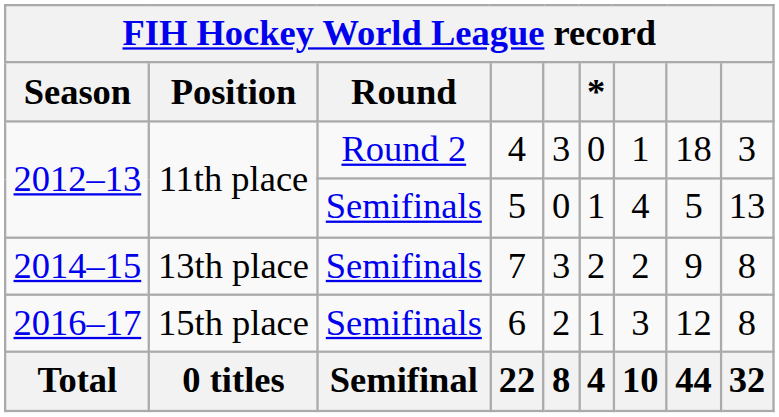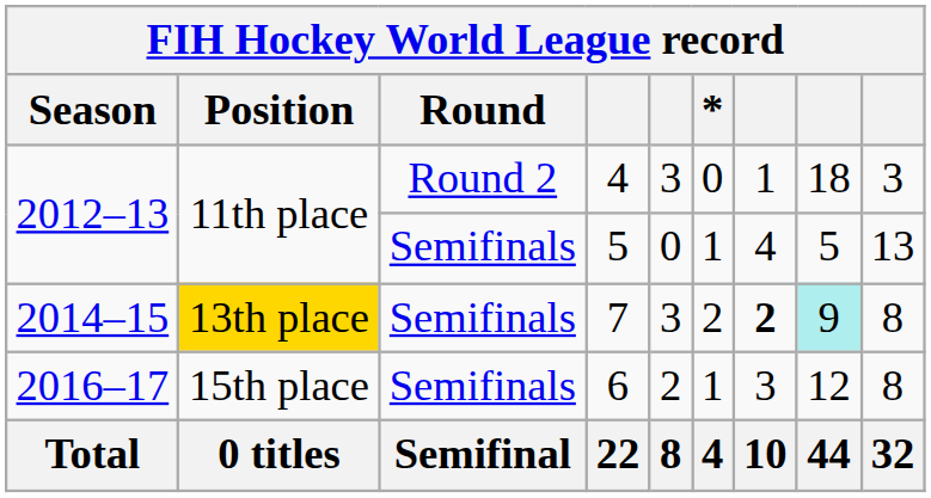 <table class="wikitable" style="text-align: center;">
 <tr>
 <th colspan=9><a href='#'>FIH Hockey World League</a> record</th>
 </tr>
 <tr>
 <th>Season</th>
 <th>Position</th>
 <th>Round</th>
 <th></th>
 <th></th>
 <th>*</th>
 <th></th>
 <th></th>
 <th></th>
 </tr>
 <tr>
 <td rowspan=2><a href='#'>2012–13</a></td>
 <td rowspan=2>11th place</td>
 <td><a href='#'>Round 2</a></td>
 <td>4</td>
 <td>3</td>
 <td>0</td>
 <td>1</td>
 <td>18</td>
 <td>3</td>
 </tr>
 <tr>
 <td><a href='#'>Semifinals</a></td>
 <td>5</td>
 <td>0</td>
 <td>1</td>
 <td>4</td>
 <td>5</td>
 <td>13</td>
 </tr>
 <tr>
 <td rowspan=1><a href='#'>2014–15</a></td>
-<td rowspan=1>13th place</td>
+<td rowspan=1 style="background: gold;">13th place</td>
 <td><a href='#'>Semifinals</a></td>
 <td>7</td>
 <td>3</td>
 <td>2</td>
-<td>2</td>
-<td>9</td>
+<td><strong>2</strong></td>
+<td style="background: paleturquoise;">9</td>
 <td>8</td>
 </tr>
 <tr>
 <td rowspan=1><a href='#'>2016–17</a></td>
 <td rowspan=1>15th place</td>
 <td><a href='#'>Semifinals</a></td>
 <td>6</td>
 <td>2</td>
 <td>1</td>
 <td>3</td>
 <td>12</td>
 <td>8</td>
 </tr>
 <tr>
 <th>Total</th>
 <th>0 titles</th>
 <th>Semifinal</th>
 <th>22</th>
 <th>8</th>
 <th>4</th>
 <th>10</th>
 <th>44</th>
 <th>32</th>
 </tr>
 </table>
